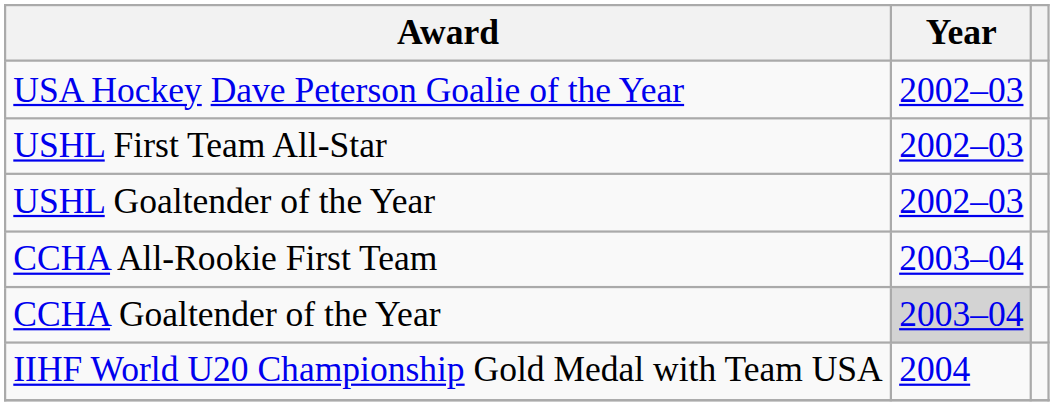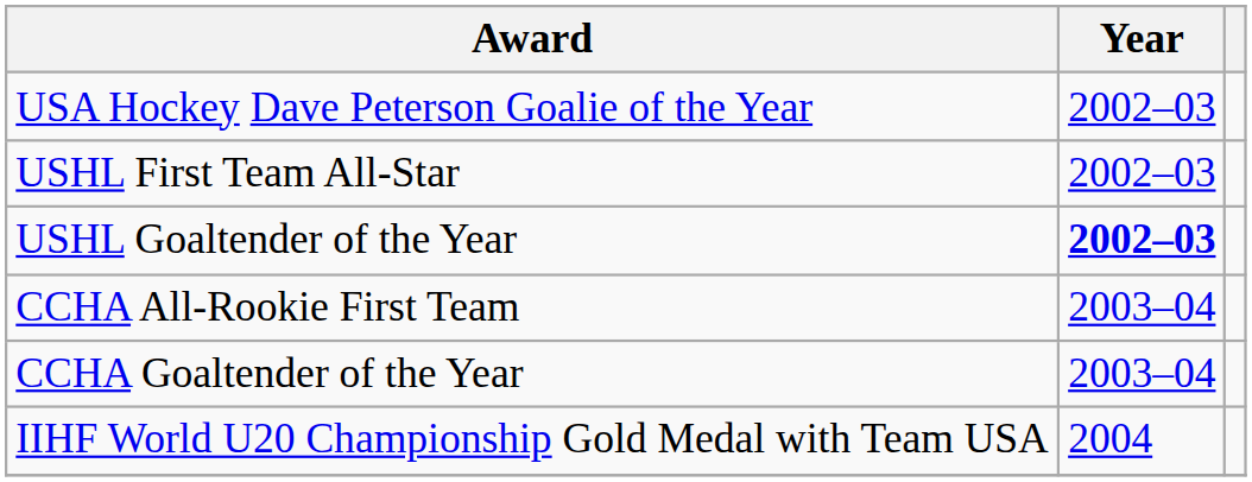 <table class="wikitable">
 <tr>
 <th>Award</th>
 <th>Year</th>
 <th></th>
 </tr>
 <tr>
 <td><a href='#'>USA Hockey</a> <a href='#'>Dave Peterson Goalie of the Year</a></td>
 <td><a href='#'>2002–03</a></td>
 <td></td>
 </tr>
 <tr>
 <td><a href='#'>USHL</a> First Team All-Star</td>
 <td><a href='#'>2002–03</a></td>
 <td></td>
 </tr>
 <tr>
 <td><a href='#'>USHL</a> Goaltender of the Year</td>
-<td><a href='#'>2002–03</a></td>
+<td><strong><a href='#'>2002–03</a></strong></td>
 <td></td>
 </tr>
 <tr>
 <td><a href='#'>CCHA</a> All-Rookie First Team</td>
 <td><a href='#'>2003–04</a></td>
 <td></td>
 </tr>
 <tr>
 <td><a href='#'>CCHA</a> Goaltender of the Year</td>
-<td style="background: lightgrey;"><a href='#'>2003–04</a></td>
+<td><a href='#'>2003–04</a></td>
 <td></td>
 </tr>
 <tr>
 <td><a href='#'>IIHF World U20 Championship</a> Gold Medal with Team USA</td>
 <td><a href='#'>2004</a></td>
 <td></td>
 </tr>
 <tr>
 </tr>
 </table>
